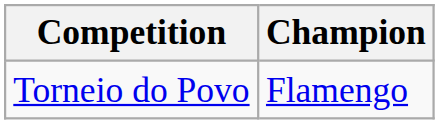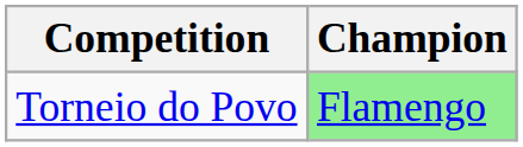 <table class="wikitable">
 <tr>
 <th>Competition</th>
 <th>Champion</th>
 </tr>
 <tr>
 <td><a href='#'>Torneio do Povo</a></td>
-<td><a href='#'>Flamengo</a></td>
+<td style="background: lightgreen;"><a href='#'>Flamengo</a></td>
 </tr>
 </table>
